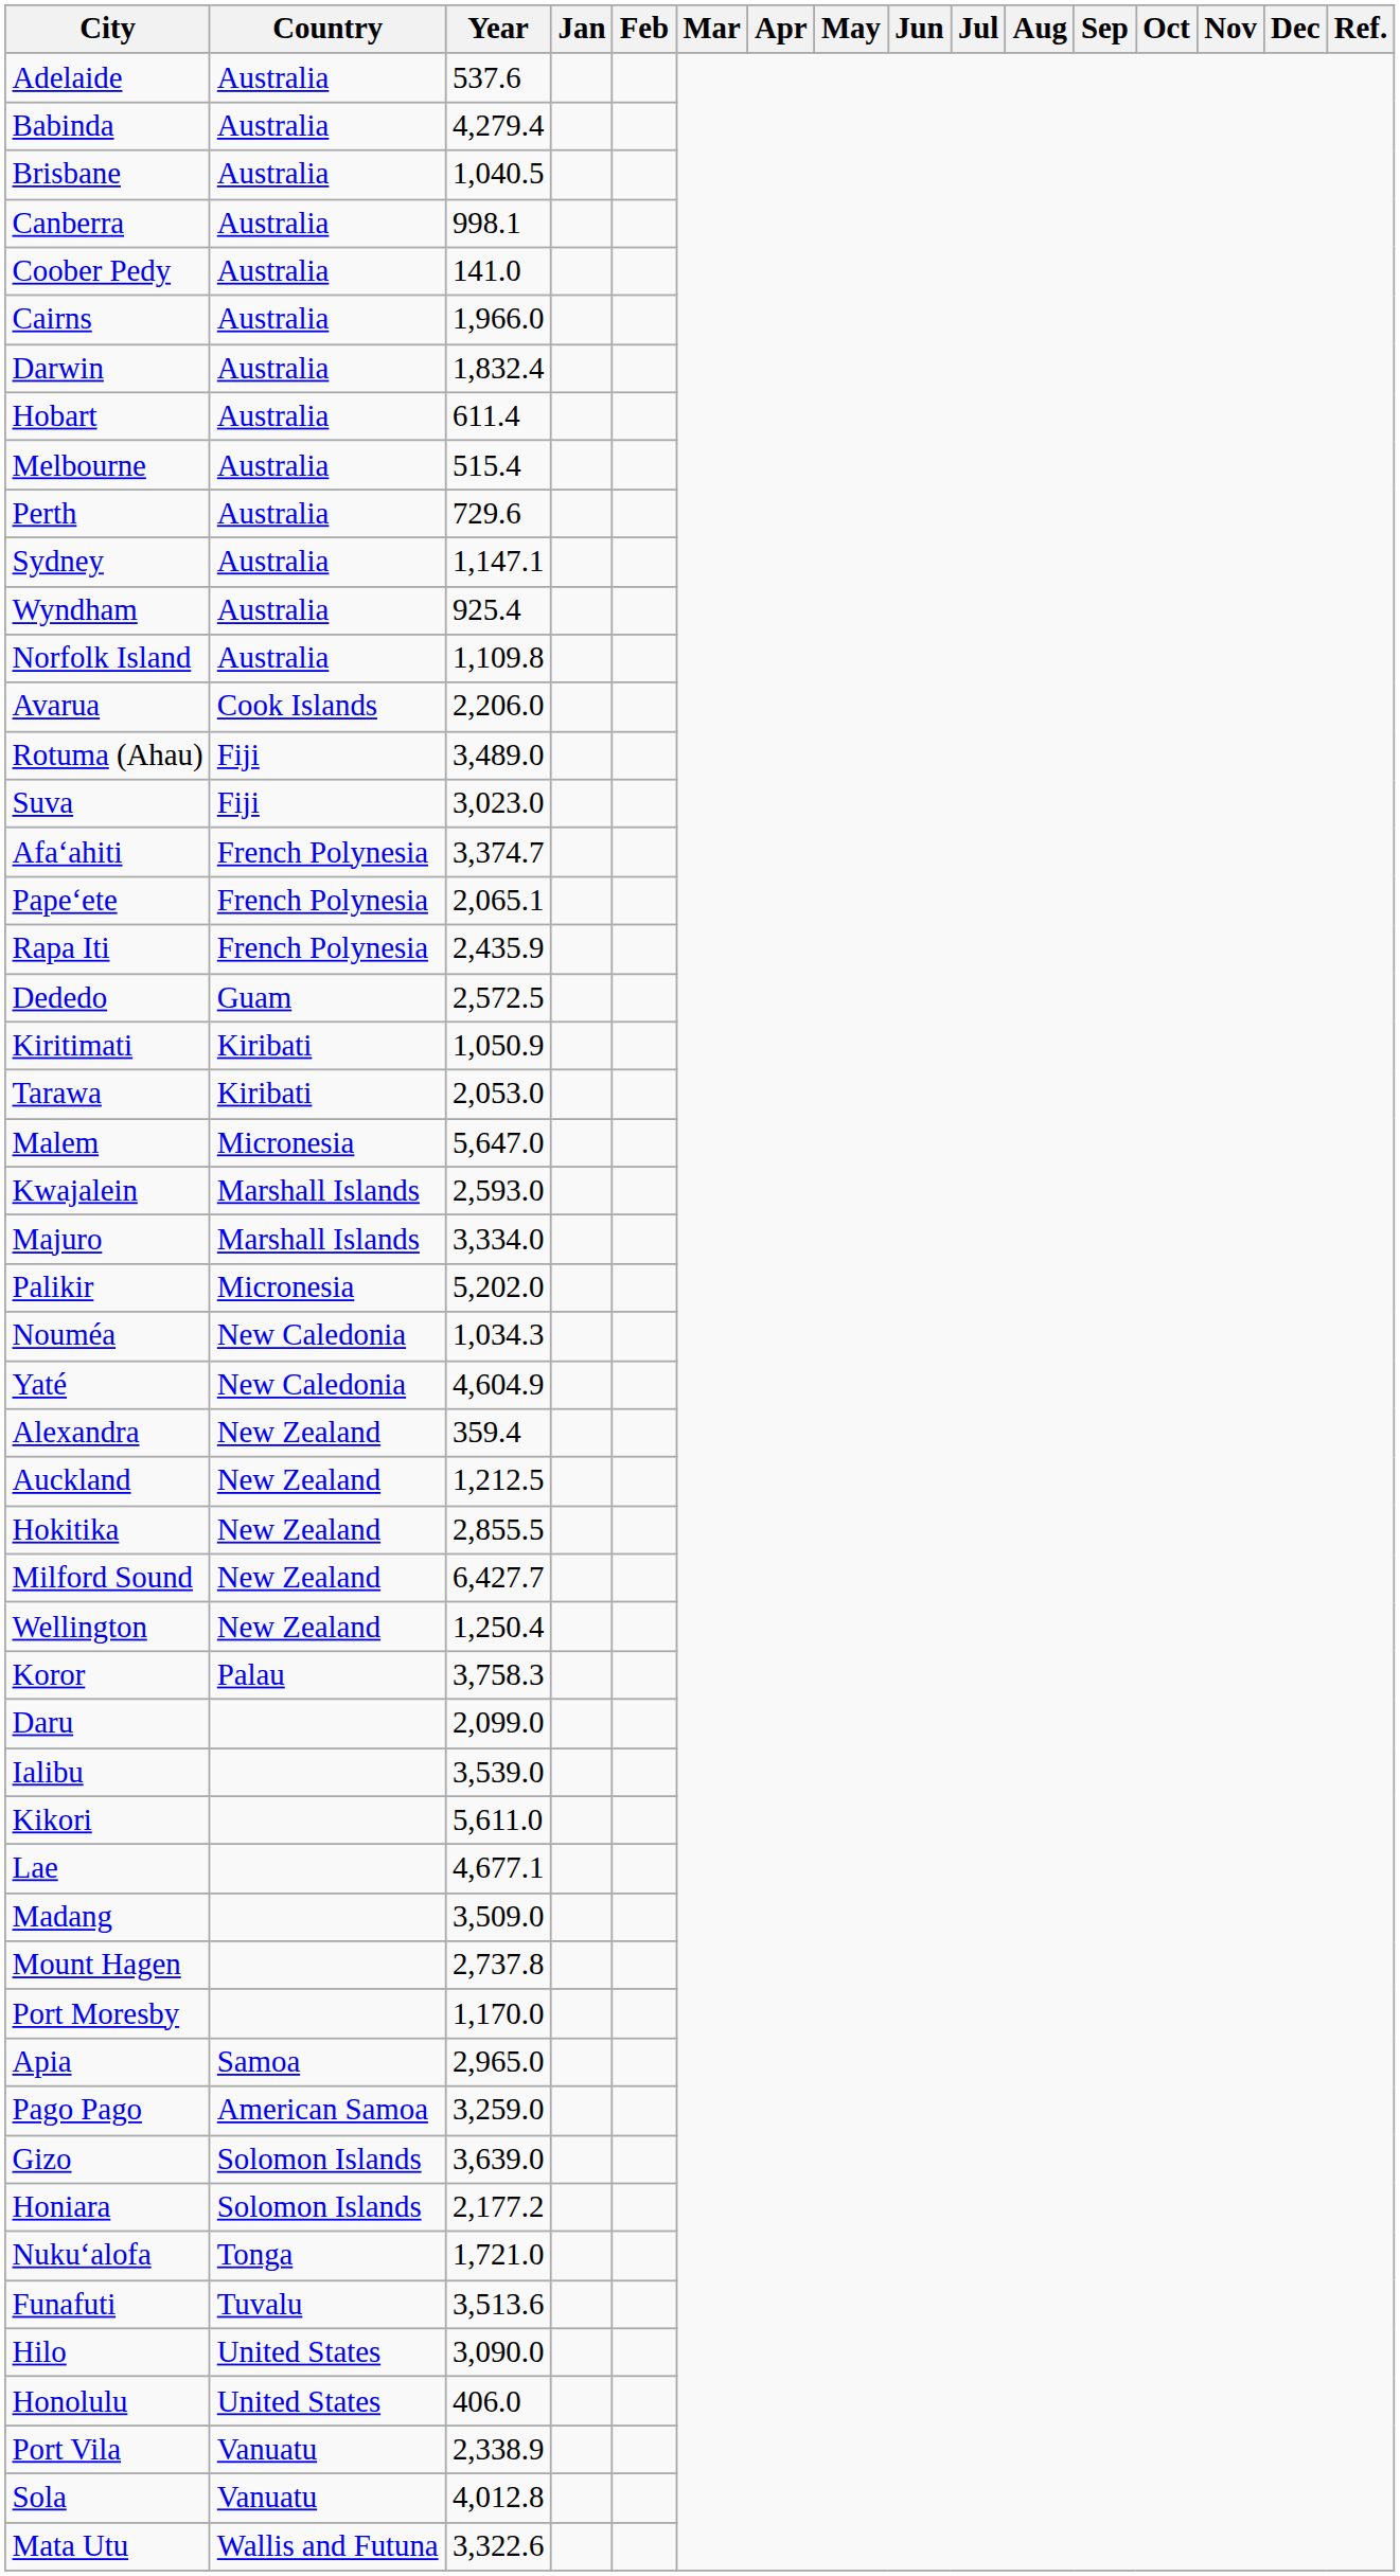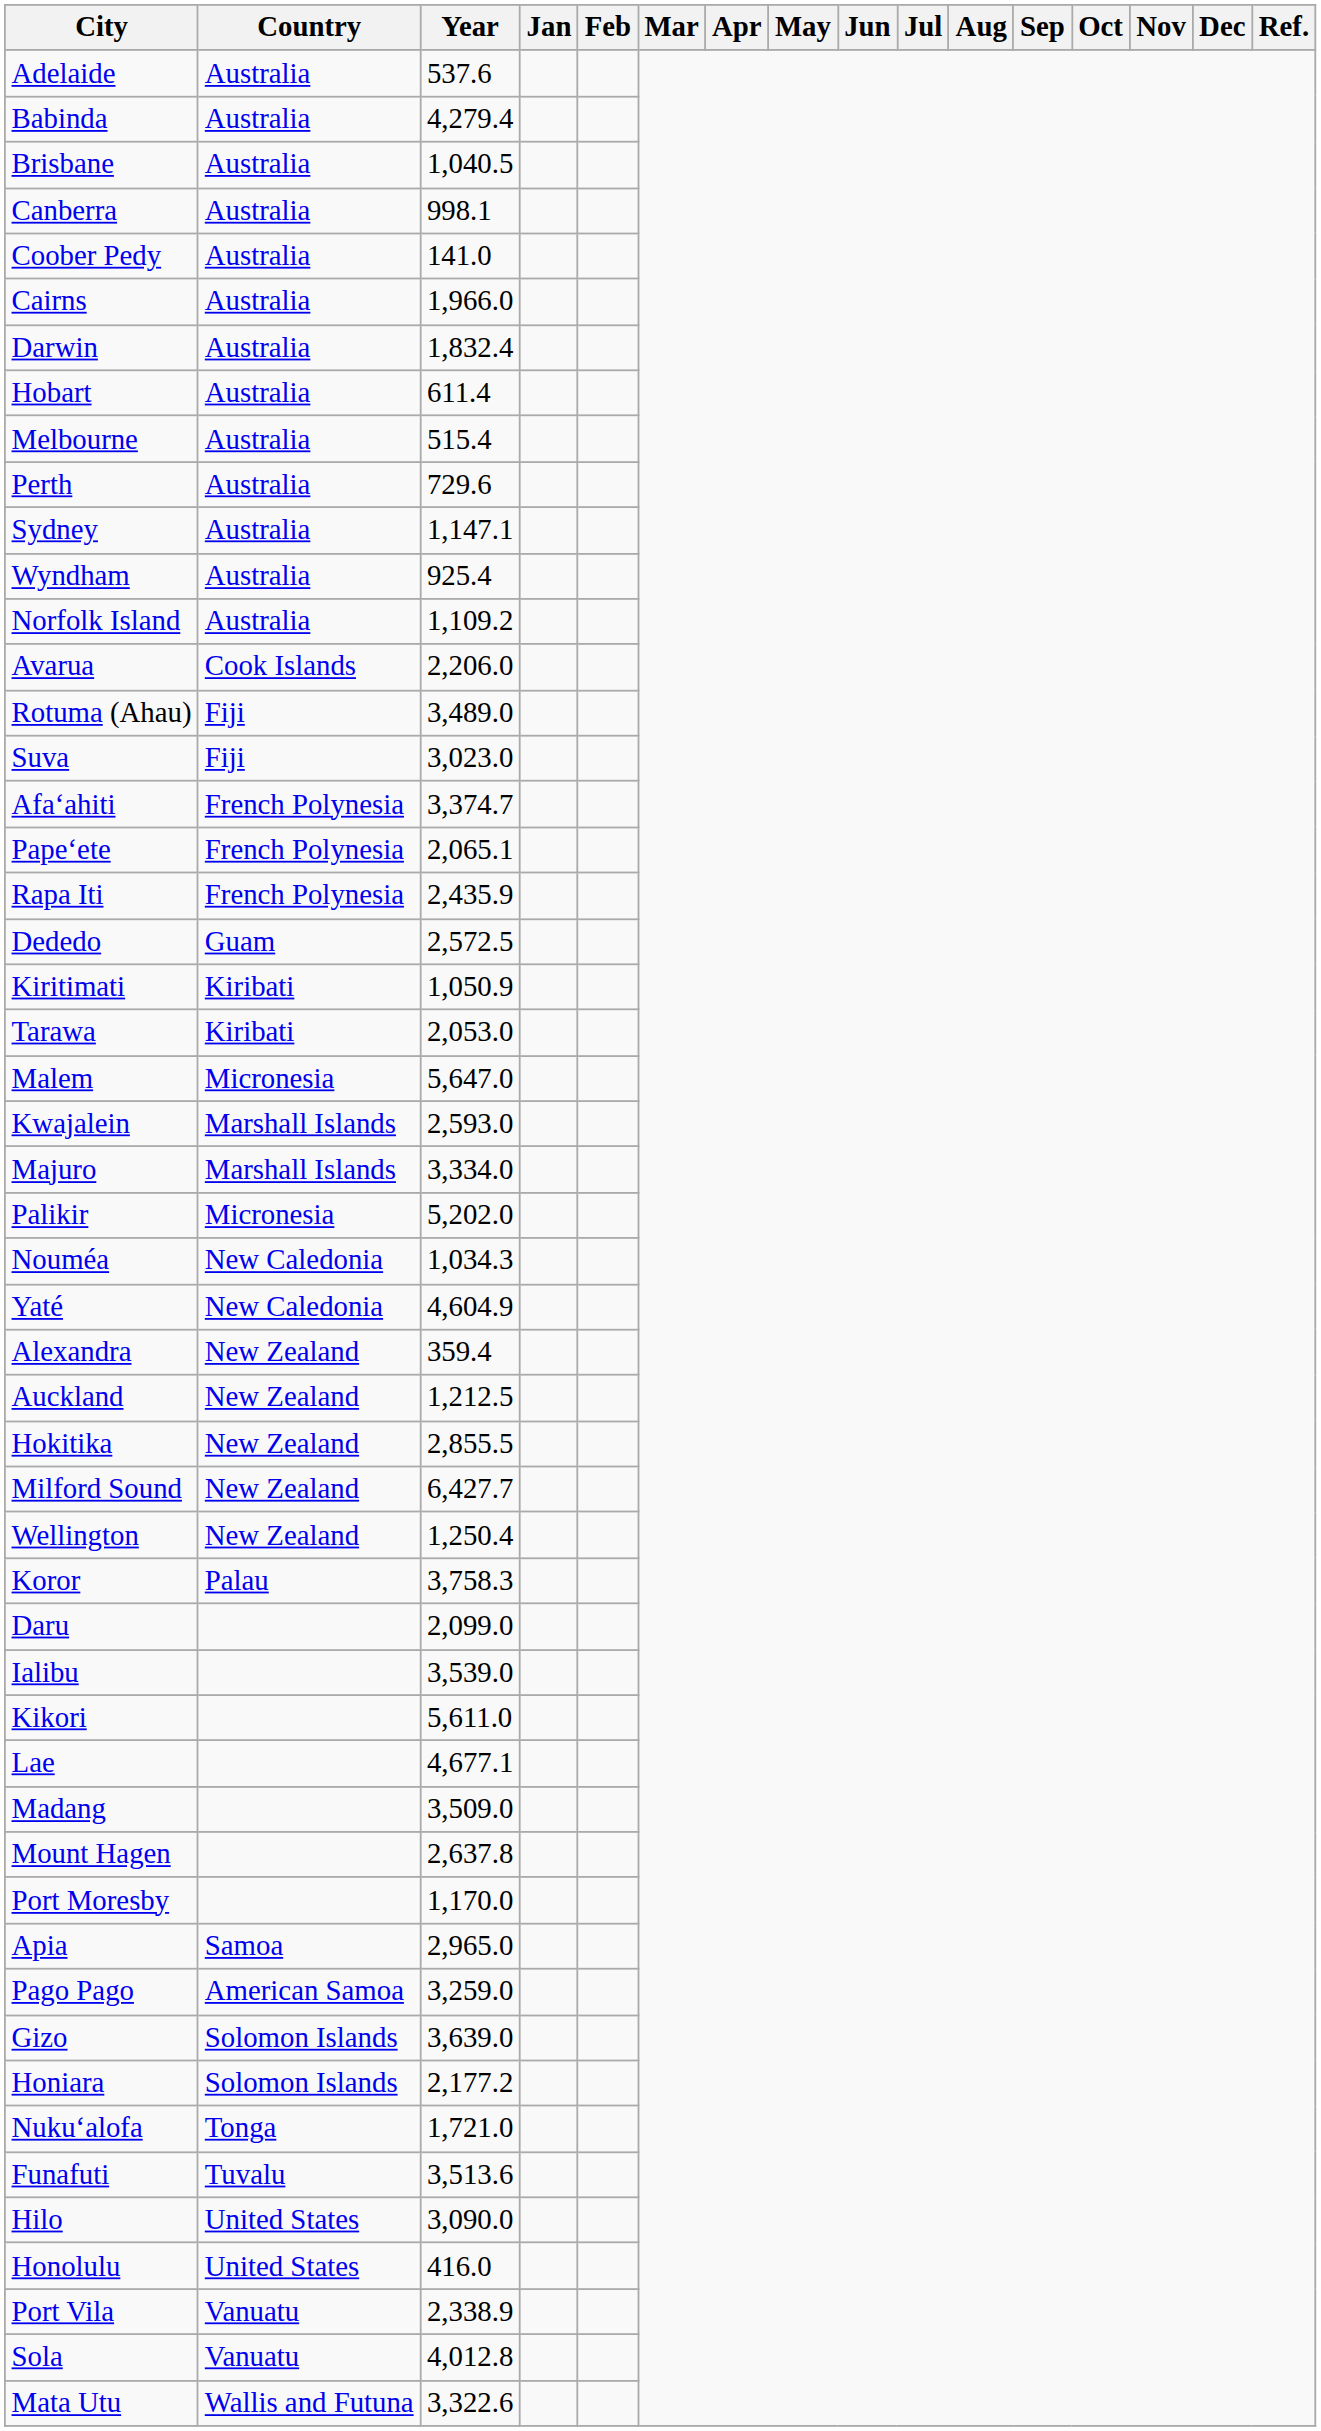 <table class="wikitable sortable sticky-header sort-under col1left col2left col16center" >
 <tr style="vertical-align:top">
 <th>City</th>
 <th>Country</th>
 <th>Year</th>
 <th>Jan</th>
 <th>Feb</th>
 <th>Mar</th>
 <th>Apr</th>
 <th>May</th>
 <th>Jun</th>
 <th>Jul</th>
 <th>Aug</th>
 <th>Sep</th>
 <th>Oct</th>
 <th>Nov</th>
 <th>Dec</th>
 <th>Ref.</th>
 </tr>
 <tr>
 <td><a href='#'>Adelaide</a></td>
 <td><a href='#'>Australia</a></td>
 <td>537.6</td>
 <td></td>
 <td></td>
 </tr>
 <tr>
 <td><a href='#'>Babinda</a></td>
 <td><a href='#'>Australia</a></td>
 <td>4,279.4</td>
 <td></td>
 <td></td>
 </tr>
 <tr>
 <td><a href='#'>Brisbane</a></td>
 <td><a href='#'>Australia</a></td>
 <td>1,040.5</td>
 <td></td>
 <td></td>
 </tr>
 <tr>
 <td><a href='#'>Canberra</a></td>
 <td><a href='#'>Australia</a></td>
 <td>998.1</td>
 <td></td>
 <td></td>
 </tr>
 <tr>
 <td><a href='#'>Coober Pedy</a></td>
 <td><a href='#'>Australia</a></td>
 <td>141.0</td>
 <td></td>
 <td></td>
 </tr>
 <tr>
 <td><a href='#'>Cairns</a></td>
 <td><a href='#'>Australia</a></td>
 <td>1,966.0</td>
 <td></td>
 <td></td>
 </tr>
 <tr>
 <td><a href='#'>Darwin</a></td>
 <td><a href='#'>Australia</a></td>
 <td>1,832.4</td>
 <td></td>
 <td></td>
 </tr>
 <tr>
 <td><a href='#'>Hobart</a></td>
 <td><a href='#'>Australia</a></td>
 <td>611.4</td>
 <td></td>
 <td></td>
 </tr>
 <tr>
 <td><a href='#'>Melbourne</a></td>
 <td><a href='#'>Australia</a></td>
 <td>515.4</td>
 <td></td>
 <td></td>
 </tr>
 <tr>
 <td><a href='#'>Perth</a></td>
 <td><a href='#'>Australia</a></td>
 <td>729.6</td>
 <td></td>
 <td></td>
 </tr>
 <tr>
 <td><a href='#'>Sydney</a></td>
 <td><a href='#'>Australia</a></td>
 <td>1,147.1</td>
 <td></td>
 <td></td>
 </tr>
 <tr>
 <td><a href='#'>Wyndham</a></td>
 <td><a href='#'>Australia</a></td>
 <td>925.4</td>
 <td></td>
 <td></td>
 </tr>
 <tr>
 <td><a href='#'>Norfolk Island</a></td>
 <td><a href='#'>Australia</a></td>
-<td>1,109.8</td>
+<td>1,109.2</td>
 <td></td>
 <td></td>
 </tr>
 <tr>
 <td><a href='#'>Avarua</a></td>
 <td><a href='#'>Cook Islands</a></td>
 <td>2,206.0</td>
 <td></td>
 <td></td>
 </tr>
 <tr>
 <td><a href='#'>Rotuma</a> (Ahau)</td>
 <td><a href='#'>Fiji</a></td>
 <td>3,489.0</td>
 <td></td>
 <td></td>
 </tr>
 <tr>
 <td><a href='#'>Suva</a></td>
 <td><a href='#'>Fiji</a></td>
 <td>3,023.0</td>
 <td></td>
 <td></td>
 </tr>
 <tr>
 <td><a href='#'>Afaʻahiti</a></td>
 <td><a href='#'>French Polynesia</a></td>
 <td>3,374.7</td>
 <td></td>
 <td></td>
 </tr>
 <tr>
 <td><a href='#'>Papeʻete</a></td>
 <td><a href='#'>French Polynesia</a></td>
 <td>2,065.1</td>
 <td></td>
 <td></td>
 </tr>
 <tr>
 <td><a href='#'>Rapa Iti</a></td>
 <td><a href='#'>French Polynesia</a></td>
 <td>2,435.9</td>
 <td></td>
 <td></td>
 </tr>
 <tr>
 <td><a href='#'>Dededo</a></td>
 <td><a href='#'>Guam</a></td>
 <td>2,572.5</td>
 <td></td>
 <td></td>
 </tr>
 <tr>
 <td><a href='#'>Kiritimati</a></td>
 <td><a href='#'>Kiribati</a></td>
 <td>1,050.9</td>
 <td></td>
 <td></td>
 </tr>
 <tr>
 <td><a href='#'>Tarawa</a></td>
 <td><a href='#'>Kiribati</a></td>
 <td>2,053.0</td>
 <td></td>
 <td></td>
 </tr>
 <tr>
 <td><a href='#'>Malem</a></td>
 <td><a href='#'>Micronesia</a></td>
 <td>5,647.0</td>
 <td></td>
 <td></td>
 </tr>
 <tr>
 <td><a href='#'>Kwajalein</a></td>
 <td><a href='#'>Marshall Islands</a></td>
 <td>2,593.0</td>
 <td></td>
 <td></td>
 </tr>
 <tr>
 <td><a href='#'>Majuro</a></td>
 <td><a href='#'>Marshall Islands</a></td>
 <td>3,334.0</td>
 <td></td>
 <td></td>
 </tr>
 <tr>
 <td><a href='#'>Palikir</a></td>
 <td><a href='#'>Micronesia</a></td>
 <td>5,202.0</td>
 <td></td>
 <td></td>
 </tr>
 <tr>
 <td><a href='#'>Nouméa</a></td>
 <td><a href='#'>New Caledonia</a></td>
 <td>1,034.3</td>
 <td></td>
 <td></td>
 </tr>
 <tr>
 <td><a href='#'>Yaté</a></td>
 <td><a href='#'>New Caledonia</a></td>
 <td>4,604.9</td>
 <td></td>
 <td></td>
 </tr>
 <tr>
 <td><a href='#'>Alexandra</a></td>
 <td><a href='#'>New Zealand</a></td>
 <td>359.4</td>
 <td></td>
 <td></td>
 </tr>
 <tr>
 <td><a href='#'>Auckland</a></td>
 <td><a href='#'>New Zealand</a></td>
 <td>1,212.5</td>
 <td></td>
 <td></td>
 </tr>
 <tr>
 <td><a href='#'>Hokitika</a></td>
 <td><a href='#'>New Zealand</a></td>
 <td>2,855.5</td>
 <td></td>
 <td></td>
 </tr>
 <tr>
 <td><a href='#'>Milford Sound</a></td>
 <td><a href='#'>New Zealand</a></td>
 <td>6,427.7</td>
 <td></td>
 <td></td>
 </tr>
 <tr>
 <td><a href='#'>Wellington</a></td>
 <td><a href='#'>New Zealand</a></td>
 <td>1,250.4</td>
 <td></td>
 <td></td>
 </tr>
 <tr>
 <td><a href='#'>Koror</a></td>
 <td><a href='#'>Palau</a></td>
 <td>3,758.3</td>
 <td></td>
 <td></td>
 </tr>
 <tr>
 <td><a href='#'>Daru</a></td>
 <td></td>
 <td>2,099.0</td>
 <td></td>
 <td></td>
 </tr>
 <tr>
 <td><a href='#'>Ialibu</a></td>
 <td></td>
 <td>3,539.0</td>
 <td></td>
 <td></td>
 </tr>
 <tr>
 <td><a href='#'>Kikori</a></td>
 <td></td>
 <td>5,611.0</td>
 <td></td>
 <td></td>
 </tr>
 <tr>
 <td><a href='#'>Lae</a></td>
 <td></td>
 <td>4,677.1</td>
 <td></td>
 <td></td>
 </tr>
 <tr>
 <td><a href='#'>Madang</a></td>
 <td></td>
 <td>3,509.0</td>
 <td></td>
 <td></td>
 </tr>
 <tr>
 <td><a href='#'>Mount Hagen</a></td>
 <td></td>
-<td>2,737.8</td>
+<td>2,637.8</td>
 <td></td>
 <td></td>
 </tr>
 <tr>
 <td><a href='#'>Port Moresby</a></td>
 <td></td>
 <td>1,170.0</td>
 <td></td>
 <td></td>
 </tr>
 <tr>
 <td><a href='#'>Apia</a></td>
 <td><a href='#'>Samoa</a></td>
 <td>2,965.0</td>
 <td></td>
 <td></td>
 </tr>
 <tr>
 <td><a href='#'>Pago Pago</a></td>
 <td><a href='#'>American Samoa</a></td>
 <td>3,259.0</td>
 <td></td>
 <td></td>
 </tr>
 <tr>
 <td><a href='#'>Gizo</a></td>
 <td><a href='#'>Solomon Islands</a></td>
 <td>3,639.0</td>
 <td></td>
 <td></td>
 </tr>
 <tr>
 <td><a href='#'>Honiara</a></td>
 <td><a href='#'>Solomon Islands</a></td>
 <td>2,177.2</td>
 <td></td>
 <td></td>
 </tr>
 <tr>
 <td><a href='#'>Nukuʻalofa</a></td>
 <td><a href='#'>Tonga</a></td>
 <td>1,721.0</td>
 <td></td>
 <td></td>
 </tr>
 <tr>
 <td><a href='#'>Funafuti</a></td>
 <td><a href='#'>Tuvalu</a></td>
 <td>3,513.6</td>
 <td></td>
 <td></td>
 </tr>
 <tr>
 <td><a href='#'>Hilo</a></td>
 <td><a href='#'>United States</a></td>
 <td>3,090.0</td>
 <td></td>
 <td></td>
 </tr>
 <tr>
 <td><a href='#'>Honolulu</a></td>
 <td><a href='#'>United States</a></td>
-<td>406.0</td>
+<td>416.0</td>
 <td></td>
 <td></td>
 </tr>
 <tr>
 <td><a href='#'>Port Vila</a></td>
 <td><a href='#'>Vanuatu</a></td>
 <td>2,338.9</td>
 <td></td>
 <td></td>
 </tr>
 <tr>
 <td><a href='#'>Sola</a></td>
 <td><a href='#'>Vanuatu</a></td>
 <td>4,012.8</td>
 <td></td>
 <td></td>
 </tr>
 <tr>
 <td><a href='#'>Mata Utu</a></td>
 <td><a href='#'>Wallis and Futuna</a></td>
 <td>3,322.6</td>
 <td></td>
 <td></td>
 </tr>
 </table>
